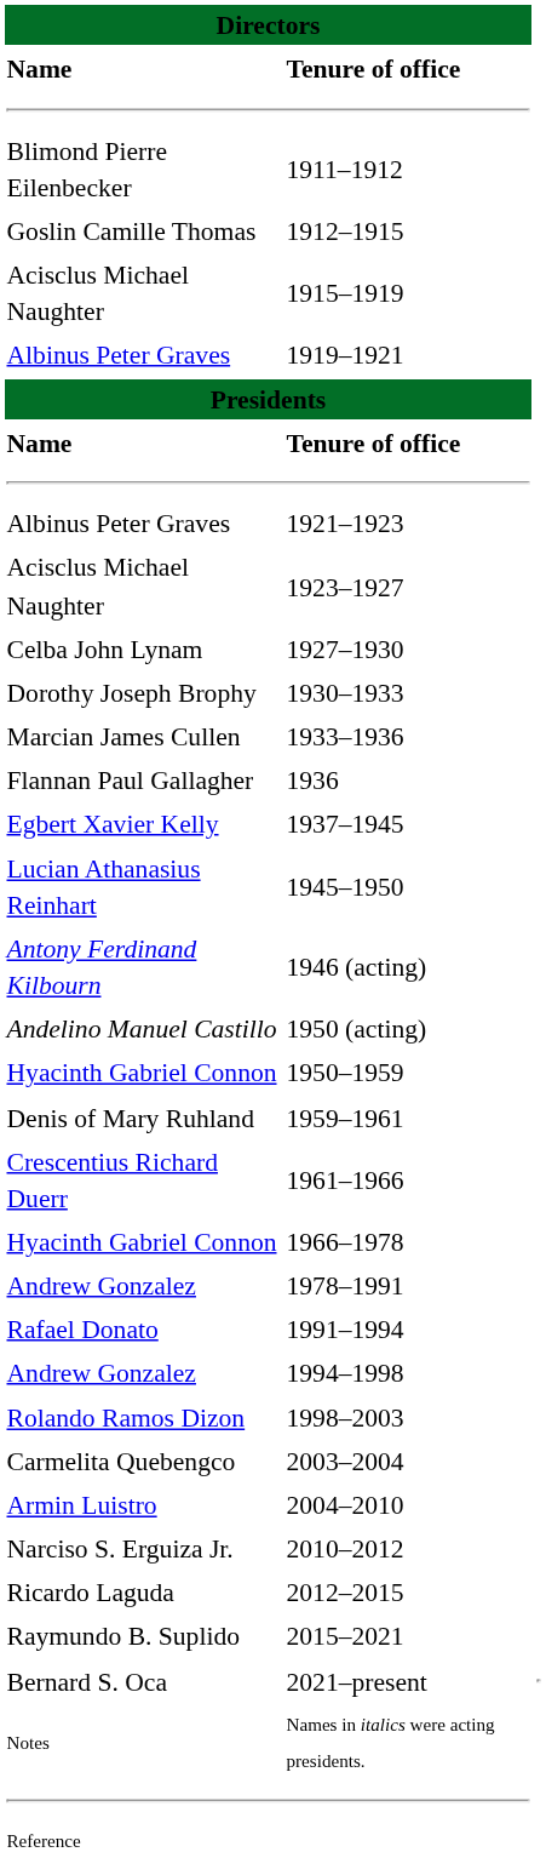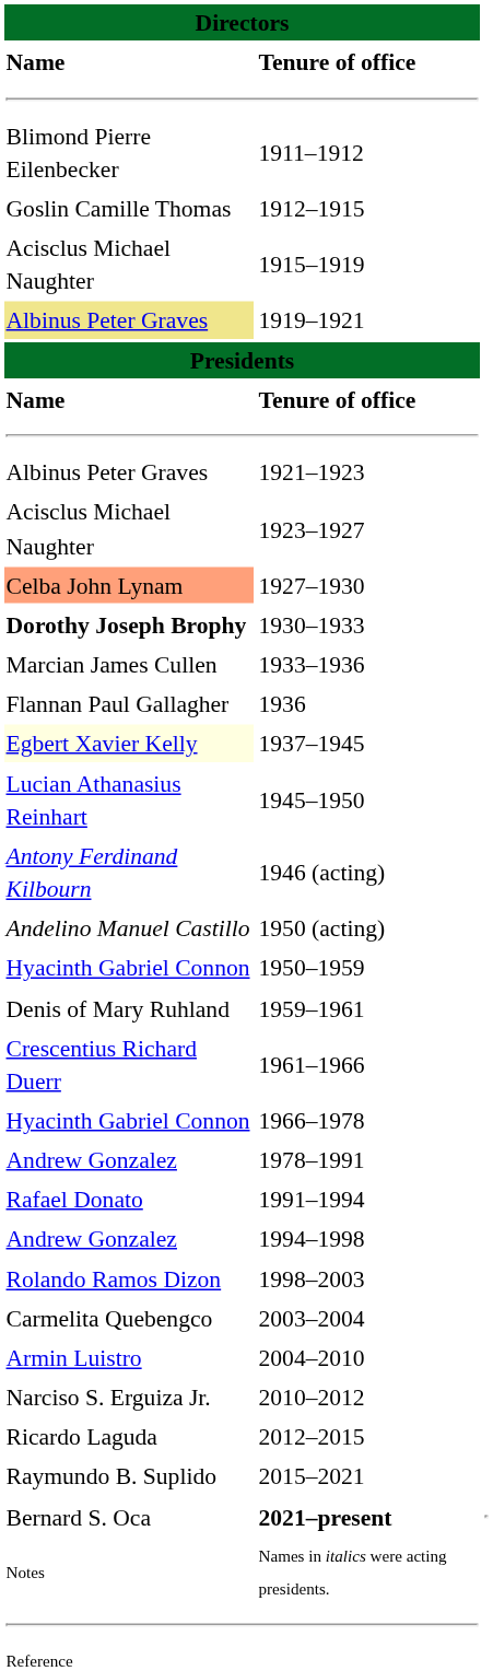 <table class="toccolours" style="float:right; margin-left:1em; font-size:90%; line-height:1.4em; width:300px;">
 <tr>
 <th colspan="2" style="text-align: center;background-color:#026f27"><span><strong>Directors</strong></span></th>
 </tr>
 <tr>
 <td scope="col" width="150"><strong>Name</strong></td>
 <td><strong>Tenure of office</strong></td>
 </tr>
 <tr>
 <td colspan="2"><hr></td>
 </tr>
 <tr>
 <td>Blimond Pierre Eilenbecker</td>
 <td>1911–1912</td>
 </tr>
 <tr>
 <td>Goslin Camille Thomas</td>
 <td>1912–1915</td>
 </tr>
 <tr>
 <td>Acisclus Michael Naughter</td>
 <td>1915–1919</td>
 </tr>
 <tr>
-<td><a href='#'>Albinus Peter Graves</a></td>
+<td style="background: khaki;"><a href='#'>Albinus Peter Graves</a></td>
 <td>1919–1921</td>
 </tr>
 <tr>
 <th colspan="2" style="text-align: center;background-color:#026f27"><span><strong>Presidents</strong></span></th>
 </tr>
 <tr>
 <td scope="col" width="150"><strong>Name</strong></td>
 <td><strong>Tenure of office</strong></td>
 </tr>
 <tr>
 <th colspan="2"><hr></th>
 </tr>
 <tr>
 <td>Albinus Peter Graves</td>
 <td>1921–1923</td>
 </tr>
 <tr>
 <td>Acisclus Michael Naughter</td>
 <td>1923–1927</td>
 </tr>
 <tr>
-<td>Celba John Lynam</td>
+<td style="background: lightsalmon;">Celba John Lynam</td>
 <td>1927–1930</td>
 </tr>
 <tr>
-<td>Dorothy Joseph Brophy</td>
+<td><strong>Dorothy Joseph Brophy</strong></td>
 <td>1930–1933</td>
 </tr>
 <tr>
 <td>Marcian James Cullen</td>
 <td>1933–1936</td>
 </tr>
 <tr>
 <td>Flannan Paul Gallagher</td>
 <td>1936</td>
 </tr>
 <tr>
-<td><a href='#'>Egbert Xavier Kelly</a></td>
+<td style="background: lightyellow;"><a href='#'>Egbert Xavier Kelly</a></td>
 <td>1937–1945</td>
 </tr>
 <tr>
 <td><a href='#'>Lucian Athanasius Reinhart</a></td>
 <td>1945–1950</td>
 </tr>
 <tr>
 <td><em><a href='#'>Antony Ferdinand Kilbourn</a></em></td>
 <td>1946 (acting)</td>
 </tr>
 <tr>
 <td><em>Andelino Manuel Castillo</em></td>
 <td>1950 (acting)</td>
 </tr>
 <tr>
 <td><a href='#'>Hyacinth Gabriel Connon</a></td>
 <td>1950–1959</td>
 </tr>
 <tr>
 <td>Denis of Mary Ruhland</td>
 <td>1959–1961</td>
 </tr>
 <tr>
 <td><a href='#'>Crescentius Richard Duerr</a></td>
 <td>1961–1966</td>
 </tr>
 <tr>
 <td><a href='#'>Hyacinth Gabriel Connon</a></td>
 <td>1966–1978</td>
 </tr>
 <tr>
 <td><a href='#'>Andrew Gonzalez</a></td>
 <td>1978–1991</td>
 </tr>
 <tr>
 <td><a href='#'>Rafael Donato</a></td>
 <td>1991–1994</td>
 </tr>
 <tr>
 <td><a href='#'>Andrew Gonzalez</a></td>
 <td>1994–1998</td>
 </tr>
 <tr>
 <td><a href='#'>Rolando Ramos Dizon</a></td>
 <td>1998–2003</td>
 </tr>
 <tr>
 <td>Carmelita Quebengco</td>
 <td>2003–2004</td>
 </tr>
 <tr>
 <td><a href='#'>Armin Luistro</a></td>
 <td>2004–2010</td>
 </tr>
 <tr>
 <td>Narciso S. Erguiza Jr.</td>
 <td>2010–2012</td>
 </tr>
 <tr>
 <td>Ricardo Laguda</td>
 <td>2012–2015</td>
 </tr>
 <tr>
 <td>Raymundo B. Suplido</td>
 <td>2015–2021</td>
 </tr>
 <tr>
 <td>Bernard S. Oca</td>
-<td>2021–present</td>
+<td><strong>2021–present</strong></td>
 <td colspan="2"><hr></td>
 </tr>
 <tr>
 <td style="font-size:70%">Notes</td>
 <td style="font-size:70%">Names in <em>italics</em> were acting presidents.</td>
 </tr>
 <tr>
 <td colspan="2"><hr></td>
 </tr>
 <tr>
 <td style="font-size:70%">Reference</td>
 <td></td>
 </tr>
 </table>
